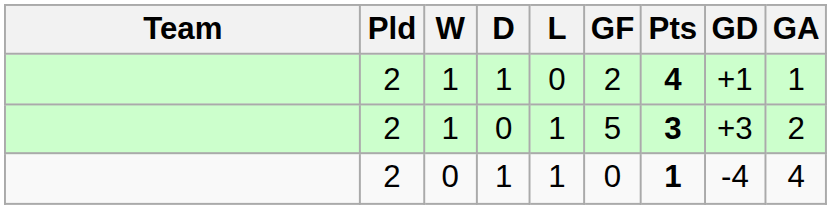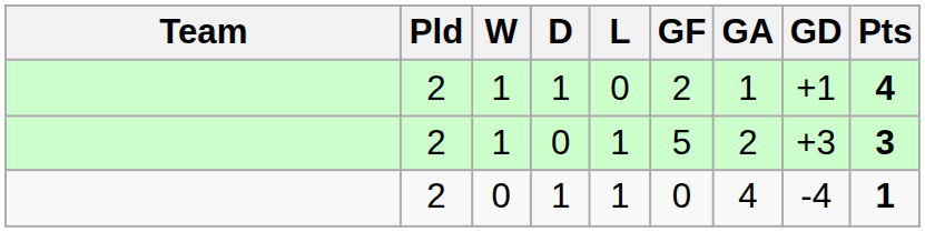 <table class="wikitable" style="text-align: center;">
 <tr>
 <th width="175">Team</th>
 <th width="20">Pld</th>
 <th width="20">W</th>
 <th width="20">D</th>
 <th width="20">L</th>
 <th width="20">GF</th>
+<th width="20">GA</th>
+<th width="20">GD</th>
 <th width="20">Pts</th>
-<th width="20">GD</th>
-<th width="20">GA</th>
 </tr>
 <tr bgcolor=#ccffcc>
 <td align=left></td>
 <td>2</td>
 <td>1</td>
 <td>1</td>
 <td>0</td>
 <td>2</td>
+<td>1</td>
+<td>+1</td>
 <td><strong>4</strong></td>
-<td>+1</td>
-<td>1</td>
 </tr>
 <tr bgcolor=#ccffcc>
 <td align=left></td>
 <td>2</td>
 <td>1</td>
 <td>0</td>
 <td>1</td>
 <td>5</td>
+<td>2</td>
+<td>+3</td>
 <td><strong>3</strong></td>
-<td>+3</td>
-<td>2</td>
 </tr>
 <tr>
 <td align=left></td>
 <td>2</td>
 <td>0</td>
 <td>1</td>
 <td>1</td>
 <td>0</td>
+<td>4</td>
+<td>-4</td>
 <td><strong>1</strong></td>
-<td>-4</td>
-<td>4</td>
 </tr>
 </table>
